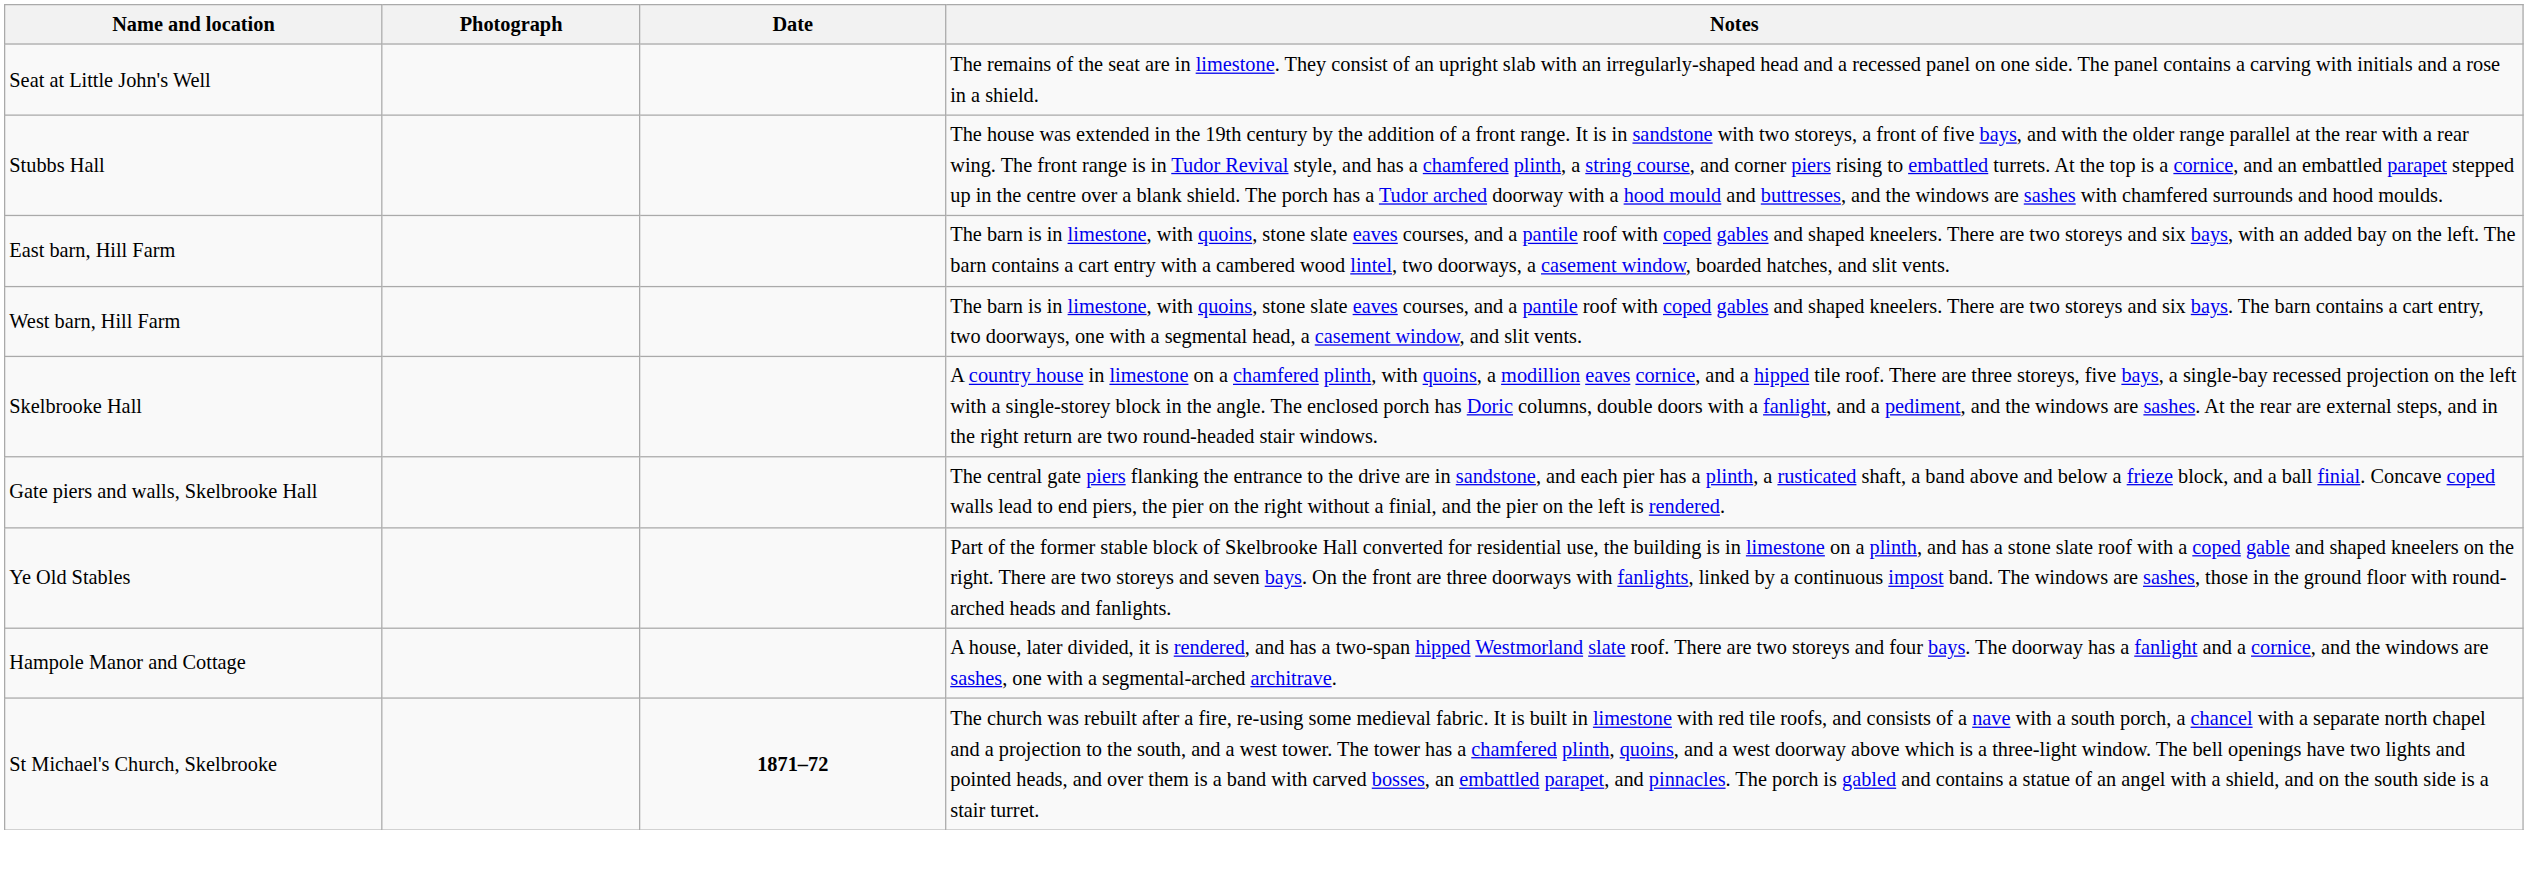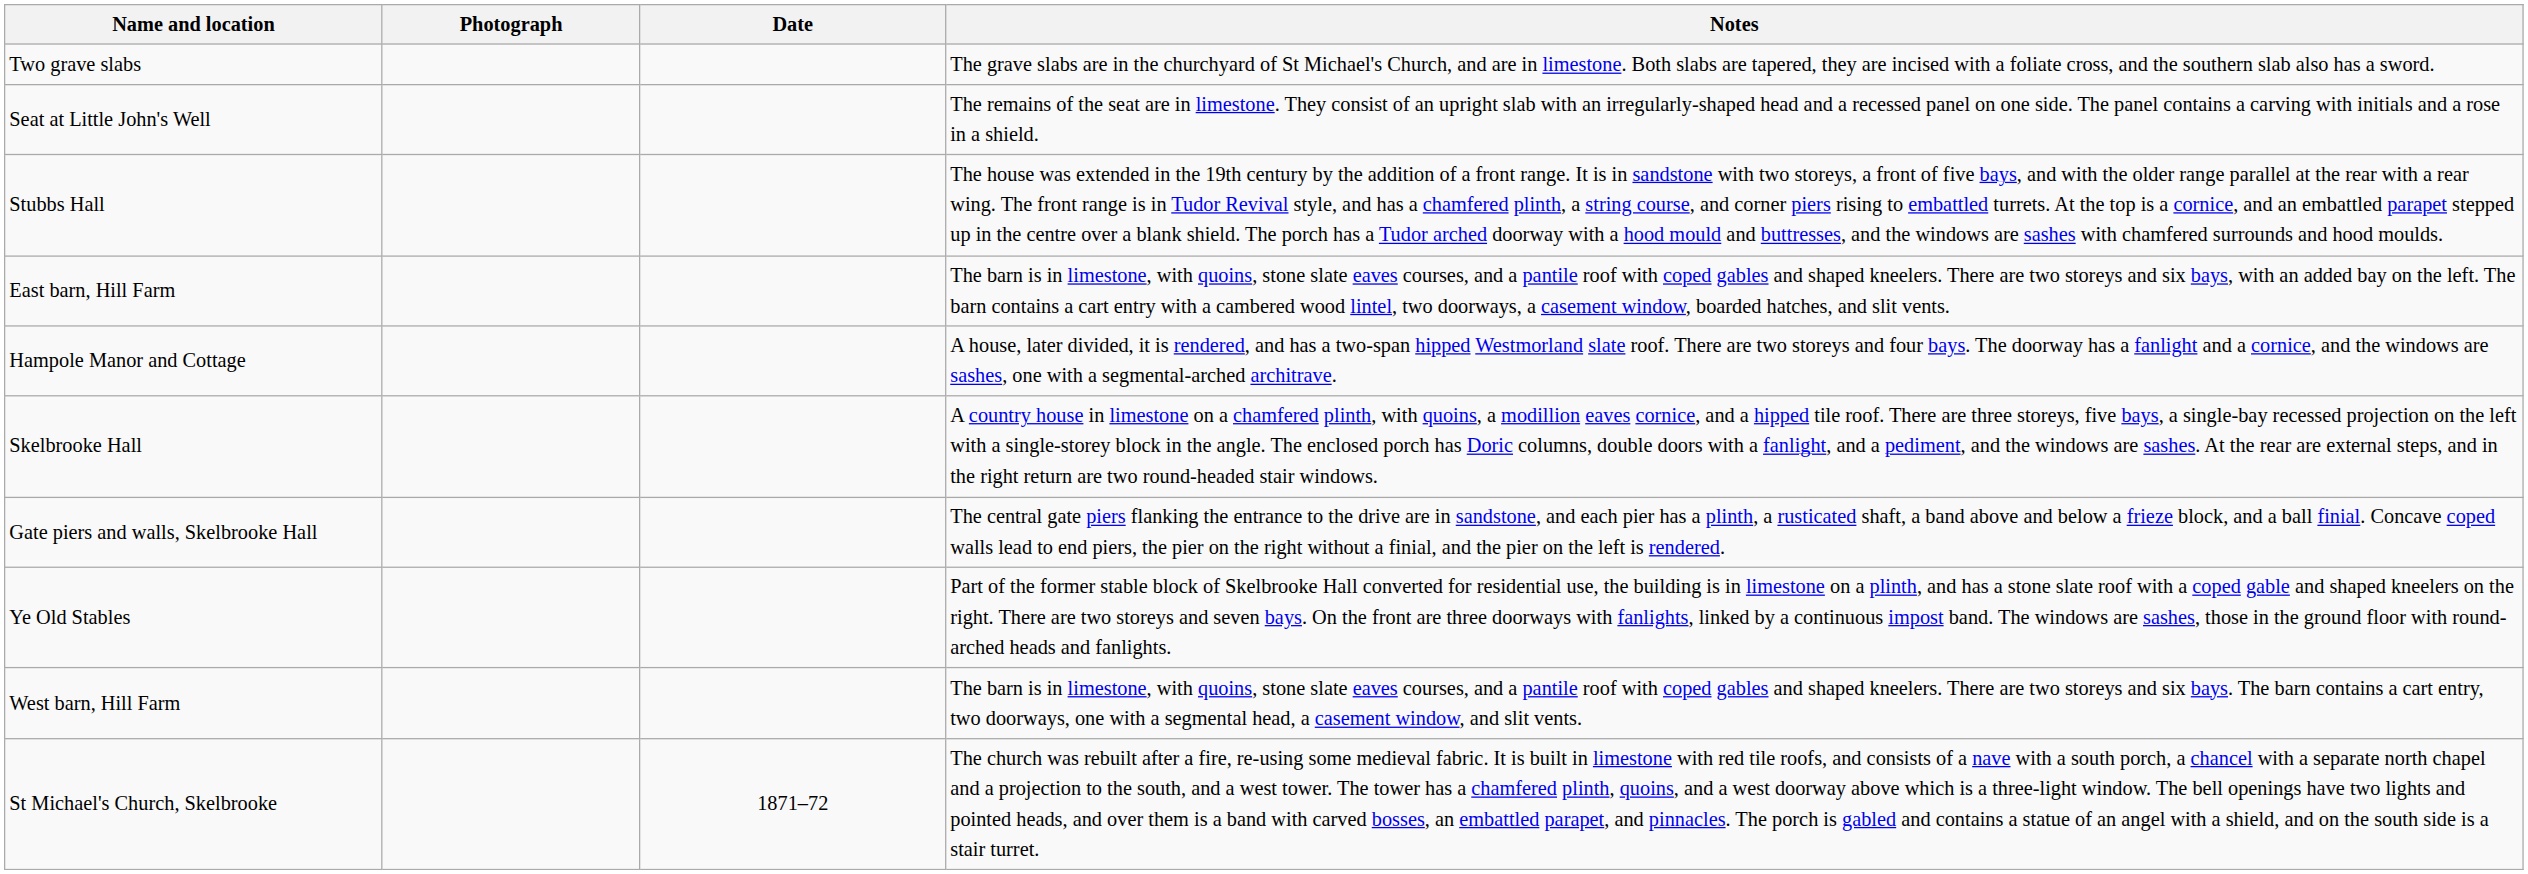 <table class="wikitable sortable plainrowheaders" style="width:100%;border:0px;text-align:left;line-height:150%;">
 <tr>
 <th scope="col"  style="width:150px">Name and location</th>
 <th scope="col"  style="width:100px" class="unsortable">Photograph</th>
 <th scope="col"  style="width:120px">Date</th>
 <th scope="col"  style="width:650px" class="unsortable">Notes</th>
+</tr>
+<tr>
+<td>Two grave slabs<br><small></small></td>
+<td></td>
+<td align="center"></td>
+<td>The grave slabs are in the churchyard of St Michael's Church, and are in <a href='#'>limestone</a>.  Both slabs are tapered, they are incised with a foliate cross, and the southern slab also has a sword.</td>
 </tr>
 <tr>
 <td>Seat at Little John's Well<br><small></small></td>
 <td></td>
 <td align="center"></td>
 <td>The remains of the seat are in <a href='#'>limestone</a>.  They consist of an upright slab with an irregularly-shaped head and a recessed panel on one side.  The panel contains a carving with initials and a rose in a shield.</td>
 </tr>
 <tr>
 <td>Stubbs Hall<br><small></small></td>
 <td></td>
 <td align="center"></td>
 <td>The house was extended in the 19th century by the addition of a front range.  It is in <a href='#'>sandstone</a> with two storeys, a front of five <a href='#'>bays</a>, and with the older range parallel at the rear with a rear wing.  The front range is in <a href='#'>Tudor Revival</a> style, and has a <a href='#'>chamfered</a> <a href='#'>plinth</a>, a <a href='#'>string course</a>, and corner <a href='#'>piers</a> rising to <a href='#'>embattled</a> turrets.  At the top is a <a href='#'>cornice</a>, and an embattled <a href='#'>parapet</a> stepped up in the centre over a blank shield.  The porch has a <a href='#'>Tudor arched</a> doorway with a <a href='#'>hood mould</a> and <a href='#'>buttresses</a>, and the windows are <a href='#'>sashes</a> with chamfered surrounds and hood moulds.</td>
 </tr>
 <tr>
 <td>East barn, Hill Farm<br><small></small></td>
 <td></td>
 <td align="center"></td>
 <td>The barn is in <a href='#'>limestone</a>, with <a href='#'>quoins</a>, stone slate <a href='#'>eaves</a> courses, and a <a href='#'>pantile</a> roof with <a href='#'>coped</a> <a href='#'>gables</a> and shaped kneelers.  There are two storeys and six <a href='#'>bays</a>, with an added bay on the left.  The barn contains a cart entry with a cambered wood <a href='#'>lintel</a>, two doorways, a <a href='#'>casement window</a>, boarded hatches, and slit vents.</td>
 </tr>
 <tr>
-<td>West barn, Hill Farm<br><small></small></td>
+<td>Hampole Manor and Cottage<br><small></small></td>
 <td></td>
 <td align="center"></td>
-<td>The barn is in <a href='#'>limestone</a>, with <a href='#'>quoins</a>, stone slate <a href='#'>eaves</a> courses, and a <a href='#'>pantile</a> roof with <a href='#'>coped</a> <a href='#'>gables</a> and shaped kneelers.  There are two storeys and six <a href='#'>bays</a>.  The barn contains a cart entry, two doorways, one with a segmental head, a <a href='#'>casement window</a>, and slit vents.</td>
+<td>A house, later divided, it is <a href='#'>rendered</a>, and has a two-span <a href='#'>hipped</a> <a href='#'>Westmorland</a> <a href='#'>slate</a> roof.  There are two storeys and four <a href='#'>bays</a>.  The doorway has a <a href='#'>fanlight</a> and a <a href='#'>cornice</a>, and the windows are <a href='#'>sashes</a>, one with a segmental-arched <a href='#'>architrave</a>.</td>
 </tr>
 <tr>
 <td>Skelbrooke Hall<br><small></small></td>
 <td></td>
 <td align="center"></td>
 <td>A <a href='#'>country house</a> in <a href='#'>limestone</a> on a <a href='#'>chamfered</a> <a href='#'>plinth</a>, with <a href='#'>quoins</a>, a <a href='#'>modillion</a> <a href='#'>eaves</a> <a href='#'>cornice</a>, and a <a href='#'>hipped</a> tile roof.  There are three storeys, five <a href='#'>bays</a>, a single-bay recessed projection on the left with a single-storey block in the angle.  The enclosed porch has <a href='#'>Doric</a> columns, double doors with a <a href='#'>fanlight</a>, and a <a href='#'>pediment</a>, and the windows are <a href='#'>sashes</a>.  At the rear are external steps, and in the right return are two round-headed stair windows.</td>
 </tr>
 <tr>
 <td>Gate piers and walls, Skelbrooke Hall<br><small></small></td>
 <td></td>
 <td align="center"></td>
 <td>The central gate <a href='#'>piers</a> flanking the entrance to the drive are in <a href='#'>sandstone</a>, and each pier has a <a href='#'>plinth</a>, a <a href='#'>rusticated</a> shaft, a band above and below a <a href='#'>frieze</a> block, and a ball <a href='#'>finial</a>.  Concave <a href='#'>coped</a> walls lead to end piers, the pier on the right without a finial, and the pier on the left is <a href='#'>rendered</a>.</td>
 </tr>
 <tr>
 <td>Ye Old Stables<br><small></small></td>
 <td></td>
 <td align="center"></td>
 <td>Part of the former stable block of Skelbrooke Hall converted for residential use, the building is in <a href='#'>limestone</a> on a <a href='#'>plinth</a>, and has a stone slate roof with a <a href='#'>coped</a> <a href='#'>gable</a> and shaped kneelers on the right.  There are two storeys and seven <a href='#'>bays</a>.  On the front are three doorways with <a href='#'>fanlights</a>, linked by a continuous <a href='#'>impost</a> band.  The windows are <a href='#'>sashes</a>, those in the ground floor with round-arched heads and fanlights.</td>
 </tr>
 <tr>
-<td>Hampole Manor and Cottage<br><small></small></td>
+<td>West barn, Hill Farm<br><small></small></td>
 <td></td>
 <td align="center"></td>
-<td>A house, later divided, it is <a href='#'>rendered</a>, and has a two-span <a href='#'>hipped</a> <a href='#'>Westmorland</a> <a href='#'>slate</a> roof.  There are two storeys and four <a href='#'>bays</a>.  The doorway has a <a href='#'>fanlight</a> and a <a href='#'>cornice</a>, and the windows are <a href='#'>sashes</a>, one with a segmental-arched <a href='#'>architrave</a>.</td>
+<td>The barn is in <a href='#'>limestone</a>, with <a href='#'>quoins</a>, stone slate <a href='#'>eaves</a> courses, and a <a href='#'>pantile</a> roof with <a href='#'>coped</a> <a href='#'>gables</a> and shaped kneelers.  There are two storeys and six <a href='#'>bays</a>.  The barn contains a cart entry, two doorways, one with a segmental head, a <a href='#'>casement window</a>, and slit vents.</td>
 </tr>
 <tr>
 <td>St Michael's Church, Skelbrooke<br><small></small></td>
 <td></td>
-<td align="center"><strong>1871–72</strong></td>
+<td align="center">1871–72</td>
 <td>The church was rebuilt after a fire, re-using some medieval fabric.  It is built in <a href='#'>limestone</a> with red tile roofs, and consists of a <a href='#'>nave</a> with a south porch, a <a href='#'>chancel</a> with a separate north chapel and a projection to the south, and a west tower.  The tower has a <a href='#'>chamfered</a> <a href='#'>plinth</a>, <a href='#'>quoins</a>, and a west doorway above which is a three-light window.  The bell openings have two lights and pointed heads, and over them is a band with carved <a href='#'>bosses</a>, an <a href='#'>embattled</a> <a href='#'>parapet</a>, and <a href='#'>pinnacles</a>.  The porch is <a href='#'>gabled</a> and contains a statue of an angel with a shield, and on the south side is a stair turret.</td>
 </tr>
 <tr>
 </tr>
 </table>
